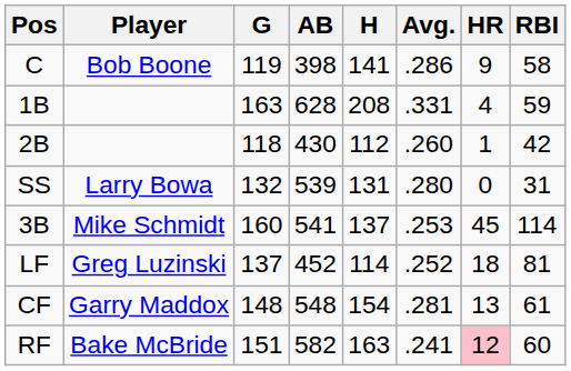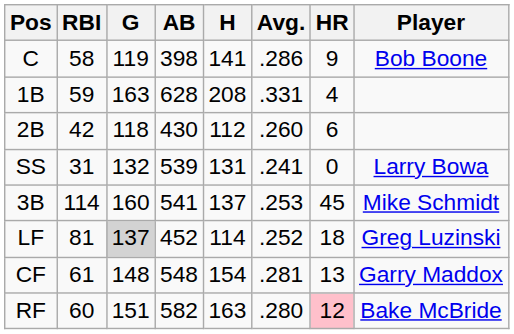 <table class="wikitable sortable">
 <tr>
 <th>Pos</th>
-<th>Player</th>
+<th>RBI</th>
 <th>G</th>
 <th>AB</th>
 <th>H</th>
 <th>Avg.</th>
 <th>HR</th>
-<th>RBI</th>
+<th>Player</th>
 </tr>
 <tr align="center">
 <td>C</td>
-<td><a href='#'>Bob Boone</a></td>
+<td>58</td>
 <td>119</td>
 <td>398</td>
 <td>141</td>
 <td>.286</td>
 <td>9</td>
-<td>58</td>
+<td><a href='#'>Bob Boone</a></td>
 </tr>
 <tr align="center">
 <td>1B</td>
-<td></td>
+<td>59</td>
 <td>163</td>
 <td>628</td>
 <td>208</td>
 <td>.331</td>
 <td>4</td>
-<td>59</td>
+<td></td>
 </tr>
 <tr align="center">
 <td>2B</td>
-<td></td>
+<td>42</td>
 <td>118</td>
 <td>430</td>
 <td>112</td>
 <td>.260</td>
-<td>1</td>
-<td>42</td>
+<td>6</td>
+<td></td>
 </tr>
 <tr align="center">
 <td>SS</td>
-<td><a href='#'>Larry Bowa</a></td>
+<td>31</td>
 <td>132</td>
 <td>539</td>
 <td>131</td>
-<td>.280</td>
+<td>.241</td>
 <td>0</td>
-<td>31</td>
+<td><a href='#'>Larry Bowa</a></td>
 </tr>
 <tr align="center">
 <td>3B</td>
-<td><a href='#'>Mike Schmidt</a></td>
+<td>114</td>
 <td>160</td>
 <td>541</td>
 <td>137</td>
 <td>.253</td>
 <td>45</td>
-<td>114</td>
+<td><a href='#'>Mike Schmidt</a></td>
 </tr>
 <tr align="center">
 <td>LF</td>
-<td><a href='#'>Greg Luzinski</a></td>
-<td>137</td>
+<td>81</td>
+<td style="background: lightgrey;">137</td>
 <td>452</td>
 <td>114</td>
 <td>.252</td>
 <td>18</td>
-<td>81</td>
+<td><a href='#'>Greg Luzinski</a></td>
 </tr>
 <tr align="center">
 <td>CF</td>
-<td><a href='#'>Garry Maddox</a></td>
+<td>61</td>
 <td>148</td>
 <td>548</td>
 <td>154</td>
 <td>.281</td>
 <td>13</td>
-<td>61</td>
+<td><a href='#'>Garry Maddox</a></td>
 </tr>
 <tr align="center">
 <td>RF</td>
-<td><a href='#'>Bake McBride</a></td>
+<td>60</td>
 <td>151</td>
 <td>582</td>
 <td>163</td>
-<td>.241</td>
+<td>.280</td>
 <td style="background: pink;">12</td>
-<td>60</td>
+<td><a href='#'>Bake McBride</a></td>
 </tr>
 </table>
